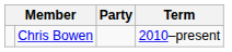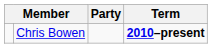 <table class="wikitable">
 <tr>
 <th colspan="2">Member</th>
 <th>Party</th>
 <th>Term</th>
 </tr>
 <tr>
 <td> </td>
 <td><a href='#'>Chris Bowen</a></td>
 <td></td>
-<td><a href='#'>2010</a>–present</td>
+<td><strong><a href='#'>2010</a>–present</strong></td>
 </tr>
 </table>
